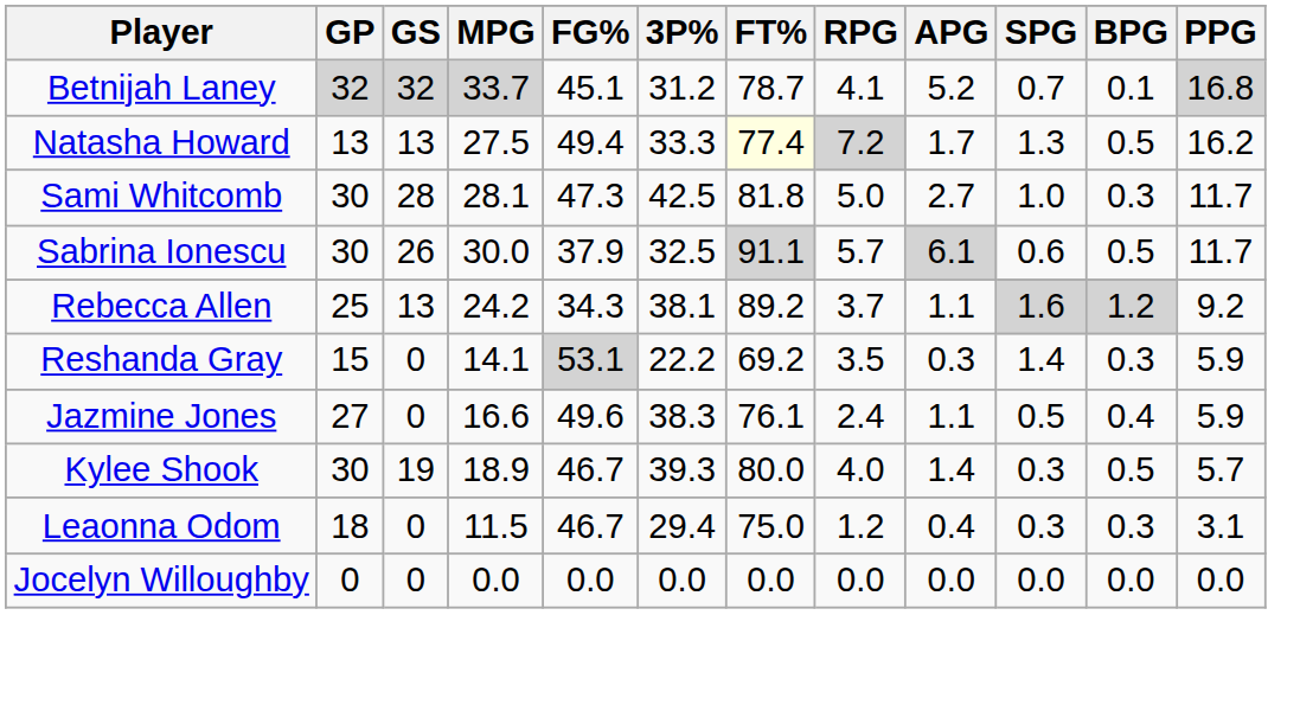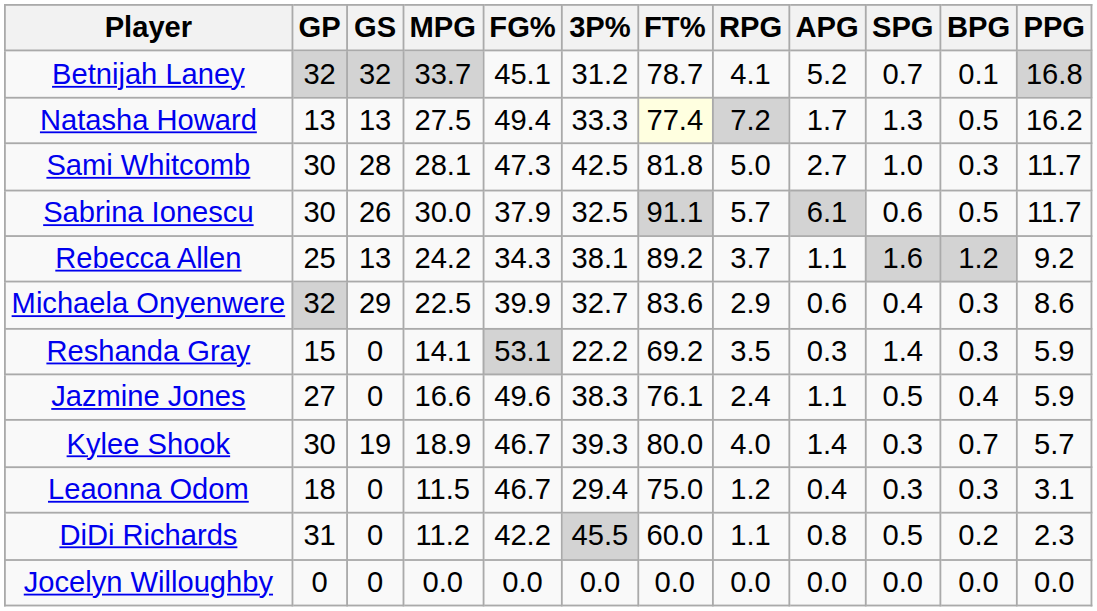 <table class="wikitable sortable" style="text-align:center;">
 <tr>
 <th>Player</th>
 <th>GP</th>
 <th>GS</th>
 <th>MPG</th>
 <th>FG%</th>
 <th>3P%</th>
 <th>FT%</th>
 <th>RPG</th>
 <th>APG</th>
 <th>SPG</th>
 <th>BPG</th>
 <th>PPG</th>
 </tr>
 <tr>
 <td><a href='#'>Betnijah Laney</a></td>
 <td style="background:#D3D3D3;">32</td>
 <td style="background:#D3D3D3;">32</td>
 <td style="background:#D3D3D3;">33.7</td>
 <td>45.1</td>
 <td>31.2</td>
 <td>78.7</td>
 <td>4.1</td>
 <td>5.2</td>
 <td>0.7</td>
 <td>0.1</td>
 <td style="background:#D3D3D3;">16.8</td>
 </tr>
 <tr>
 <td><a href='#'>Natasha Howard</a></td>
 <td>13</td>
 <td>13</td>
 <td>27.5</td>
 <td>49.4</td>
 <td>33.3</td>
 <td style="background: lightyellow;">77.4</td>
 <td style="background:#D3D3D3;">7.2</td>
 <td>1.7</td>
 <td>1.3</td>
 <td>0.5</td>
 <td>16.2</td>
 </tr>
 <tr>
 <td><a href='#'>Sami Whitcomb</a></td>
 <td>30</td>
 <td>28</td>
 <td>28.1</td>
 <td>47.3</td>
 <td>42.5</td>
 <td>81.8</td>
 <td>5.0</td>
 <td>2.7</td>
 <td>1.0</td>
 <td>0.3</td>
 <td>11.7</td>
 </tr>
 <tr>
 <td><a href='#'>Sabrina Ionescu</a></td>
 <td>30</td>
 <td>26</td>
 <td>30.0</td>
 <td>37.9</td>
 <td>32.5</td>
 <td style="background:#D3D3D3;">91.1</td>
 <td>5.7</td>
 <td style="background:#D3D3D3;">6.1</td>
 <td>0.6</td>
 <td>0.5</td>
 <td>11.7</td>
 </tr>
 <tr>
 <td><a href='#'>Rebecca Allen</a></td>
 <td>25</td>
 <td>13</td>
 <td>24.2</td>
 <td>34.3</td>
 <td>38.1</td>
 <td>89.2</td>
 <td>3.7</td>
 <td>1.1</td>
 <td style="background:#D3D3D3;">1.6</td>
 <td style="background:#D3D3D3;">1.2</td>
 <td>9.2</td>
 </tr>
 <tr>
+<td><a href='#'>Michaela Onyenwere</a></td>
+<td style="background:#D3D3D3;">32</td>
+<td>29</td>
+<td>22.5</td>
+<td>39.9</td>
+<td>32.7</td>
+<td>83.6</td>
+<td>2.9</td>
+<td>0.6</td>
+<td>0.4</td>
+<td>0.3</td>
+<td>8.6</td>
+</tr>
+<tr>
 <td><a href='#'>Reshanda Gray</a></td>
 <td>15</td>
 <td>0</td>
 <td>14.1</td>
 <td style="background:#D3D3D3;">53.1</td>
 <td>22.2</td>
 <td>69.2</td>
 <td>3.5</td>
 <td>0.3</td>
 <td>1.4</td>
 <td>0.3</td>
 <td>5.9</td>
 </tr>
 <tr>
 <td><a href='#'>Jazmine Jones</a></td>
 <td>27</td>
 <td>0</td>
 <td>16.6</td>
 <td>49.6</td>
 <td>38.3</td>
 <td>76.1</td>
 <td>2.4</td>
 <td>1.1</td>
 <td>0.5</td>
 <td>0.4</td>
 <td>5.9</td>
 </tr>
 <tr>
 <td><a href='#'>Kylee Shook</a></td>
 <td>30</td>
 <td>19</td>
 <td>18.9</td>
 <td>46.7</td>
 <td>39.3</td>
 <td>80.0</td>
 <td>4.0</td>
 <td>1.4</td>
 <td>0.3</td>
-<td>0.5</td>
+<td>0.7</td>
 <td>5.7</td>
 </tr>
 <tr>
 <td><a href='#'>Leaonna Odom</a></td>
 <td>18</td>
 <td>0</td>
 <td>11.5</td>
 <td>46.7</td>
 <td>29.4</td>
 <td>75.0</td>
 <td>1.2</td>
 <td>0.4</td>
 <td>0.3</td>
 <td>0.3</td>
 <td>3.1</td>
 </tr>
 <tr>
+<td><a href='#'>DiDi Richards</a></td>
+<td>31</td>
+<td>0</td>
+<td>11.2</td>
+<td>42.2</td>
+<td style="background:#D3D3D3;">45.5</td>
+<td>60.0</td>
+<td>1.1</td>
+<td>0.8</td>
+<td>0.5</td>
+<td>0.2</td>
+<td>2.3</td>
+</tr>
+<tr>
 <td><a href='#'>Jocelyn Willoughby</a></td>
 <td>0</td>
 <td>0</td>
 <td>0.0</td>
 <td>0.0</td>
 <td>0.0</td>
 <td>0.0</td>
 <td>0.0</td>
 <td>0.0</td>
 <td>0.0</td>
 <td>0.0</td>
 <td>0.0</td>
 </tr>
 </table>
